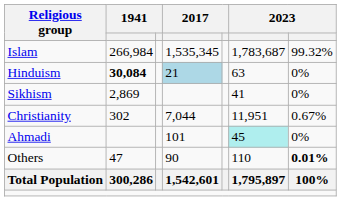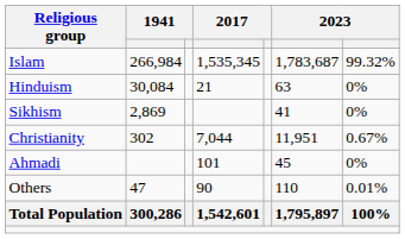 <table class="wikitable sortable">
 <tr>
 <th rowspan="2"><a href='#'>Religious</a><br>group</th>
 <th colspan="2">1941</th>
 <th colspan="2">2017</th>
 <th colspan="2">2023</th>
 </tr>
 <tr>
 <th><a href='#'></a></th>
 <th></th>
 <th></th>
 <th></th>
 <th></th>
 <th></th>
 </tr>
 <tr>
 <td><a href='#'>Islam</a> </td>
 <td>266,984</td>
 <td></td>
 <td>1,535,345</td>
 <td></td>
 <td>1,783,687</td>
 <td>99.32%</td>
 </tr>
 <tr>
 <td><a href='#'>Hinduism</a> </td>
-<td><strong>30,084</strong></td>
+<td>30,084</td>
 <td></td>
-<td style="background: lightblue;">21</td>
+<td>21</td>
 <td></td>
 <td>63</td>
 <td>0%</td>
 </tr>
 <tr>
 <td><a href='#'>Sikhism</a> </td>
 <td>2,869</td>
 <td></td>
 <td></td>
 <td></td>
 <td>41</td>
 <td>0%</td>
 </tr>
 <tr>
 <td><a href='#'>Christianity</a> </td>
 <td>302</td>
 <td></td>
 <td>7,044</td>
 <td></td>
 <td>11,951</td>
 <td>0.67%</td>
 </tr>
 <tr>
 <td><a href='#'>Ahmadi</a></td>
 <td></td>
 <td></td>
 <td>101</td>
 <td></td>
-<td style="background: paleturquoise;">45</td>
+<td>45</td>
 <td>0%</td>
 </tr>
 <tr>
 <td>Others</td>
 <td>47</td>
 <td></td>
 <td>90</td>
 <td></td>
 <td>110</td>
-<td><strong>0.01%</strong></td>
+<td>0.01%</td>
 </tr>
 <tr>
 <th>Total Population</th>
 <th>300,286</th>
 <th></th>
 <th>1,542,601</th>
 <th></th>
 <th>1,795,897</th>
 <th>100%</th>
 </tr>
 <tr class="sortbottom">
 <td colspan="7"></td>
 </tr>
 </table>
